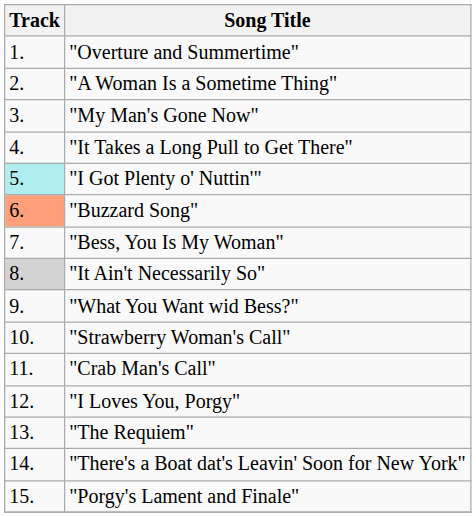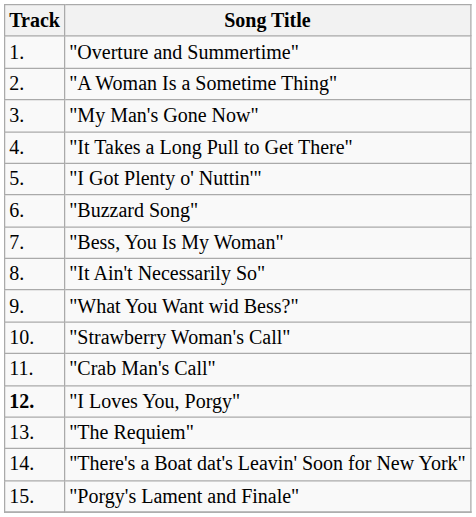 <table class="wikitable">
 <tr>
 <th>Track</th>
 <th>Song Title</th>
 </tr>
 <tr>
 <td>1.</td>
 <td>"Overture and Summertime"</td>
 </tr>
 <tr>
 <td>2.</td>
 <td>"A Woman Is a Sometime Thing"</td>
 </tr>
 <tr>
 <td>3.</td>
 <td>"My Man's Gone Now"</td>
 </tr>
 <tr>
 <td>4.</td>
 <td>"It Takes a Long Pull to Get There"</td>
 </tr>
 <tr>
-<td style="background: paleturquoise;">5.</td>
+<td>5.</td>
 <td>"I Got Plenty o' Nuttin'"</td>
 </tr>
 <tr>
-<td style="background: lightsalmon;">6.</td>
+<td>6.</td>
 <td>"Buzzard Song"</td>
 </tr>
 <tr>
 <td>7.</td>
 <td>"Bess, You Is My Woman"</td>
 </tr>
 <tr>
-<td style="background: lightgrey;">8.</td>
+<td>8.</td>
 <td>"It Ain't Necessarily So"</td>
 </tr>
 <tr>
 <td>9.</td>
 <td>"What You Want wid Bess?"</td>
 </tr>
 <tr>
 <td>10.</td>
 <td>"Strawberry Woman's Call"</td>
 </tr>
 <tr>
 <td>11.</td>
 <td>"Crab Man's Call"</td>
 </tr>
 <tr>
-<td>12.</td>
+<td><strong>12.</strong></td>
 <td>"I Loves You, Porgy"</td>
 </tr>
 <tr>
 <td>13.</td>
 <td>"The Requiem"</td>
 </tr>
 <tr>
 <td>14.</td>
 <td>"There's a Boat dat's Leavin' Soon for New York"</td>
 </tr>
 <tr>
 <td>15.</td>
 <td>"Porgy's Lament and Finale"</td>
 </tr>
 <tr>
 </tr>
 </table>
